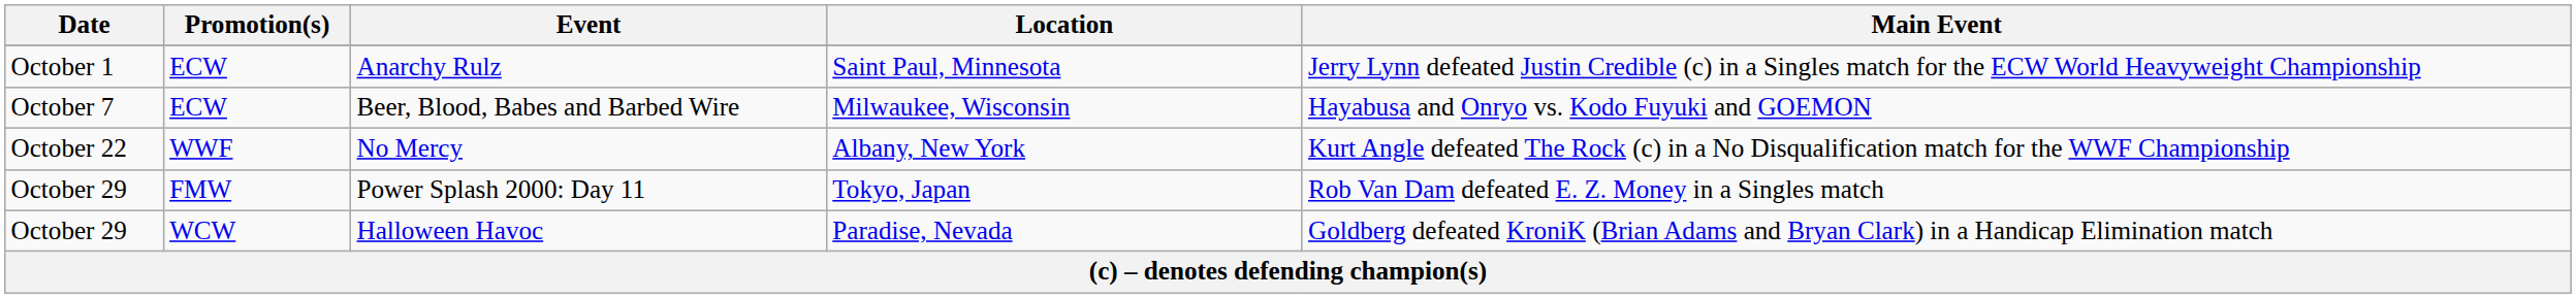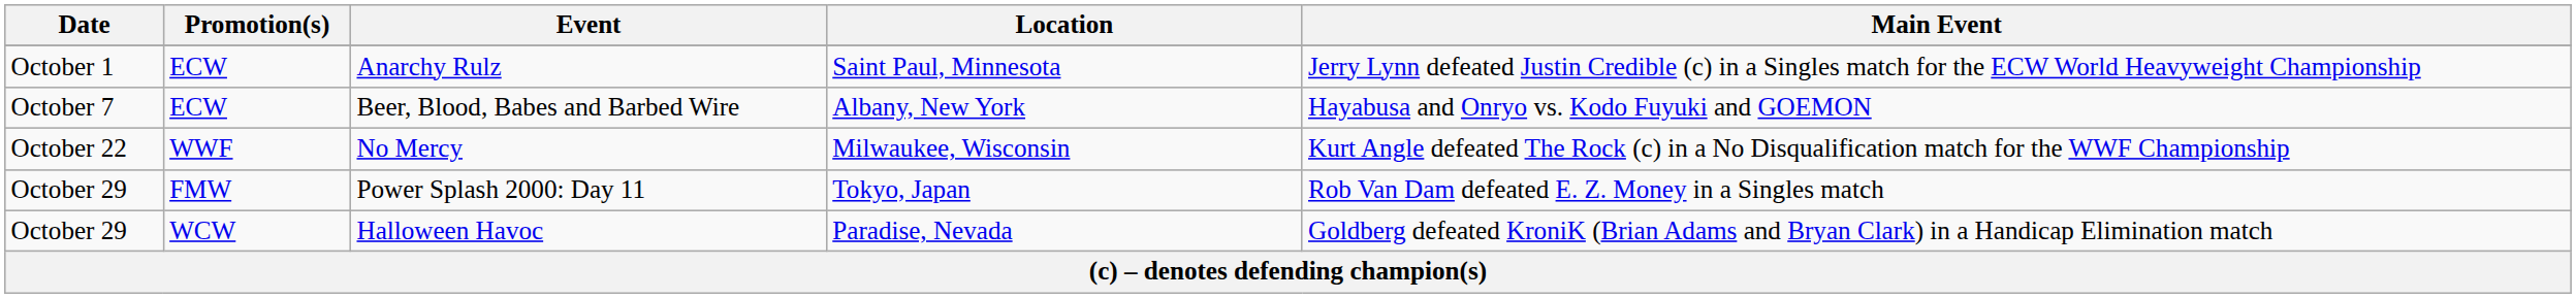 <table class="wikitable" style="width:100%;">
 <tr>
 <th width="5%">Date</th>
 <th width="5%">Promotion(s)</th>
 <th style="width:15%;">Event</th>
 <th style="width:15%;">Location</th>
 <th style="width:40%;">Main Event</th>
 </tr>
 <tr style="width:20%;" |Notes>
 </tr>
 <tr>
 <td>October 1</td>
 <td><a href='#'>ECW</a></td>
 <td><a href='#'>Anarchy Rulz</a></td>
 <td><a href='#'>Saint Paul, Minnesota</a></td>
 <td><a href='#'>Jerry Lynn</a> defeated <a href='#'>Justin Credible</a> (c) in a Singles match for the <a href='#'>ECW World Heavyweight Championship</a></td>
 </tr>
 <tr>
 <td>October 7</td>
 <td><a href='#'>ECW</a></td>
 <td>Beer, Blood, Babes and Barbed Wire</td>
-<td><a href='#'>Milwaukee, Wisconsin</a></td>
+<td><a href='#'>Albany, New York</a></td>
 <td><a href='#'>Hayabusa</a> and <a href='#'>Onryo</a> vs. <a href='#'>Kodo Fuyuki</a> and <a href='#'>GOEMON</a></td>
 </tr>
 <tr>
 <td>October 22</td>
 <td><a href='#'>WWF</a></td>
 <td><a href='#'>No Mercy</a></td>
-<td><a href='#'>Albany, New York</a></td>
+<td><a href='#'>Milwaukee, Wisconsin</a></td>
 <td><a href='#'>Kurt Angle</a> defeated <a href='#'>The Rock</a> (c) in a No Disqualification match for the <a href='#'>WWF Championship</a></td>
 </tr>
 <tr>
 <td>October 29</td>
 <td><a href='#'>FMW</a></td>
 <td>Power Splash 2000: Day 11</td>
 <td><a href='#'>Tokyo, Japan</a></td>
 <td><a href='#'>Rob Van Dam</a> defeated <a href='#'>E. Z. Money</a> in a Singles match</td>
 </tr>
 <tr>
 <td>October 29</td>
 <td><a href='#'>WCW</a></td>
 <td><a href='#'>Halloween Havoc</a></td>
 <td><a href='#'>Paradise, Nevada</a></td>
 <td><a href='#'>Goldberg</a> defeated <a href='#'>KroniK</a> (<a href='#'>Brian Adams</a> and <a href='#'>Bryan Clark</a>) in a Handicap Elimination match</td>
 </tr>
 <tr>
 <th colspan="6">(c) – denotes defending champion(s)</th>
 </tr>
 </table>
